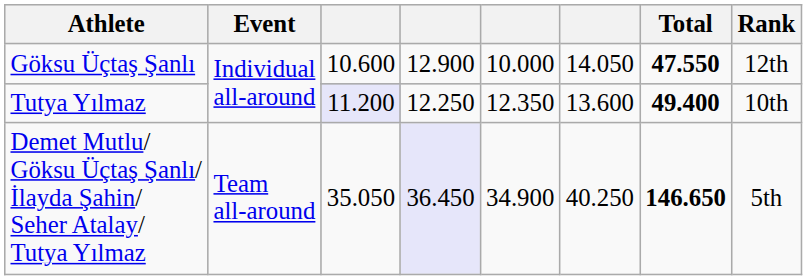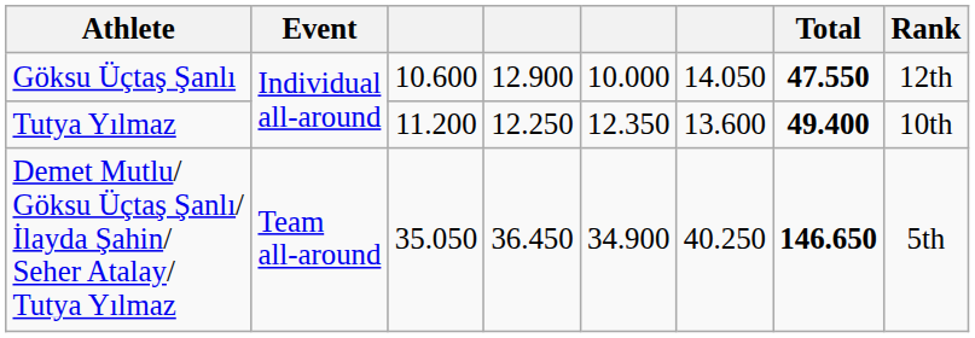 <table class="wikitable">
 <tr>
 <th>Athlete</th>
 <th>Event</th>
 <th width="10%"></th>
 <th width="10%"></th>
 <th width="10%"></th>
 <th width="10%"></th>
 <th>Total</th>
 <th>Rank</th>
 </tr>
 <tr align=center>
 <td align=left><a href='#'>Göksu Üçtaş Şanlı</a></td>
 <td align=left rowspan=2><a href='#'>Individual<br>all-around</a></td>
 <td>10.600</td>
 <td>12.900</td>
 <td>10.000</td>
 <td>14.050</td>
 <td><strong>47.550</strong></td>
 <td>12th</td>
 </tr>
 <tr align=center>
 <td align=left><a href='#'>Tutya Yılmaz</a></td>
-<td style="background: lavender;">11.200</td>
+<td>11.200</td>
 <td>12.250</td>
 <td>12.350</td>
 <td>13.600</td>
 <td><strong>49.400</strong></td>
 <td>10th</td>
 </tr>
 <tr align=center>
 <td align=left><a href='#'>Demet Mutlu</a>/<br><a href='#'>Göksu Üçtaş Şanlı</a>/<br><a href='#'>İlayda Şahin</a>/<br><a href='#'>Seher Atalay</a>/<br><a href='#'>Tutya Yılmaz</a></td>
 <td align=left><a href='#'>Team<br>all-around</a></td>
 <td>35.050</td>
-<td style="background: lavender;">36.450</td>
+<td>36.450</td>
 <td>34.900</td>
 <td>40.250</td>
 <td><strong>146.650</strong></td>
 <td>5th</td>
 </tr>
 </table>
